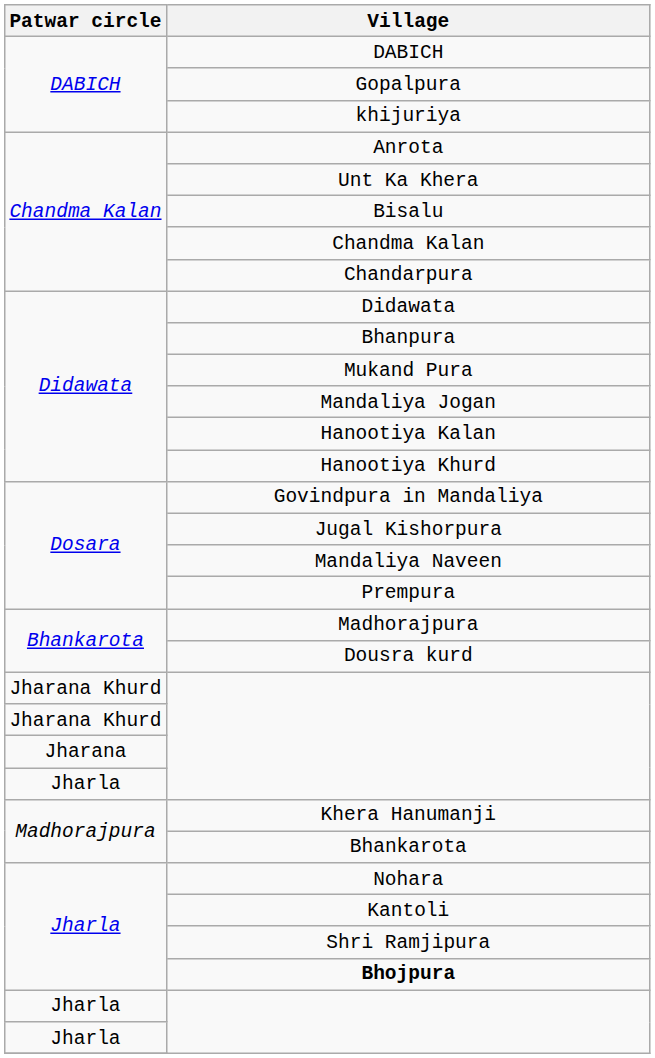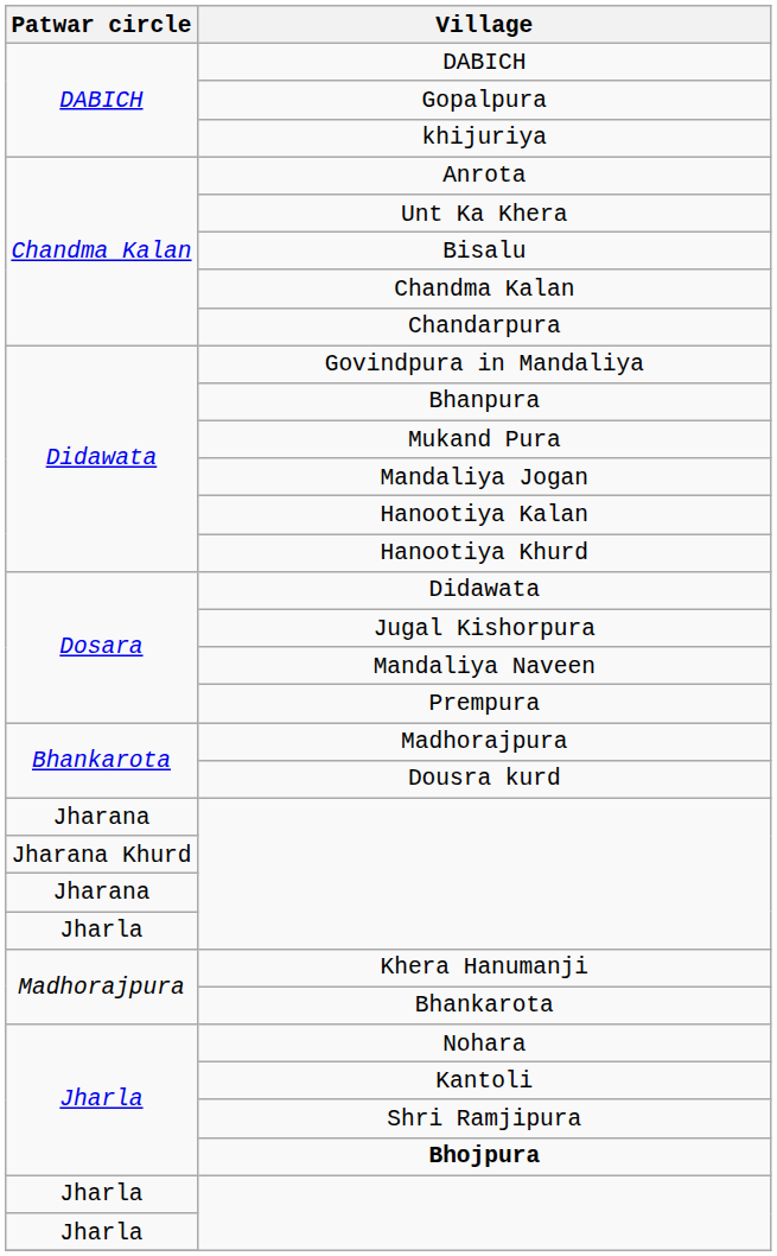 <table class="wikitable">
 <tr style="text-align:center;">
 <th colspan="1"><strong>Patwar circle</strong></th>
 <th style="width:75%;"><strong>Village</strong></th>
 </tr>
 <tr>
 <td rowspan="3" style="text-align:center;"><em><a href='#'>DABICH</a></em></td>
 <td style="text-align:center;">DABICH</td>
 </tr>
 <tr>
 <td style="text-align:center;">Gopalpura</td>
 </tr>
 <tr>
 <td style="text-align:center;">khijuriya</td>
 </tr>
 <tr>
 <td rowspan="5" style="text-align:center;"><em><a href='#'>Chandma Kalan</a></em></td>
 <td style="text-align:center;">Anrota</td>
 </tr>
 <tr>
 <td style="text-align:center;">Unt Ka Khera</td>
 </tr>
 <tr>
 <td style="text-align:center;">Bisalu</td>
 </tr>
 <tr>
 <td style="text-align:center;">Chandma Kalan</td>
 </tr>
 <tr>
 <td style="text-align:center;">Chandarpura</td>
 </tr>
 <tr>
 <td rowspan="6" style="text-align:center;"><em><a href='#'>Didawata</a></em></td>
-<td style="text-align:center;">Didawata</td>
+<td style="text-align:center;">Govindpura in Mandaliya</td>
 </tr>
 <tr>
 <td style="text-align:center;">Bhanpura</td>
 </tr>
 <tr>
 <td style="text-align:center;">Mukand Pura</td>
 </tr>
 <tr>
 <td style="text-align:center;">Mandaliya Jogan</td>
 </tr>
 <tr>
 <td style="text-align:center;">Hanootiya Kalan</td>
 </tr>
 <tr>
 <td style="text-align:center;">Hanootiya Khurd</td>
 </tr>
 <tr>
 <td rowspan="4" style="text-align:center;"><em><a href='#'>Dosara</a></em></td>
-<td style="text-align:center;">Govindpura in Mandaliya</td>
+<td style="text-align:center;">Didawata</td>
 </tr>
 <tr>
 <td style="text-align:center;">Jugal Kishorpura</td>
 </tr>
 <tr>
 <td style="text-align:center;">Mandaliya Naveen</td>
 </tr>
 <tr>
 <td style="text-align:center;">Prempura</td>
 </tr>
 <tr>
 <td rowspan="2" style="text-align:center;"><em><a href='#'>Bhankarota</a></em></td>
 <td style="text-align:center;">Madhorajpura</td>
 </tr>
 <tr>
 <td style="text-align:center;">Dousra kurd</td>
 </tr>
 <tr>
-<td style="text-align:center;">Jharana Khurd</td>
+<td style="text-align:center;">Jharana</td>
 </tr>
 <tr>
 <td style="text-align:center;">Jharana Khurd</td>
 </tr>
 <tr>
 <td style="text-align:center;">Jharana</td>
 </tr>
 <tr>
 <td style="text-align:center;">Jharla</td>
 </tr>
 <tr>
 <td rowspan="2" style="text-align:center;"><em>Madhorajpura</em></td>
 <td style="text-align:center;">Khera Hanumanji</td>
 </tr>
 <tr>
 <td style="text-align:center;">Bhankarota</td>
 </tr>
 <tr>
 <td rowspan="4" style="text-align:center;"><em><a href='#'>Jharla</a></em></td>
 <td style="text-align:center;">Nohara</td>
 </tr>
 <tr>
 <td style="text-align:center;">Kantoli</td>
 </tr>
 <tr>
 <td style="text-align:center;">Shri Ramjipura</td>
 </tr>
 <tr>
 <td style="text-align:center;"><strong>Bhojpura</strong></td>
 </tr>
 <tr>
 <td style="text-align:center;">Jharla</td>
 </tr>
 <tr>
 <td style="text-align:center;">Jharla</td>
 </tr>
 <tr>
 </tr>
 </table>
